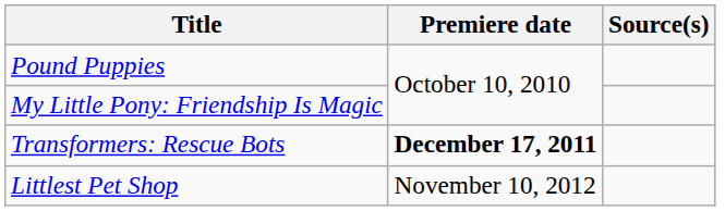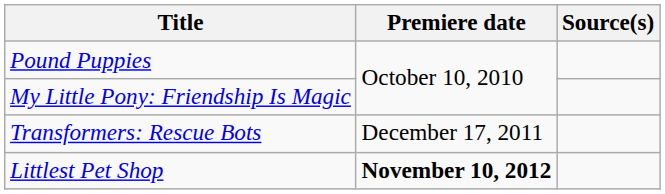 <table class="wikitable sortable">
 <tr>
 <th>Title</th>
 <th>Premiere date</th>
 <th>Source(s)</th>
 </tr>
 <tr>
 <td><em><a href='#'>Pound Puppies</a></em></td>
 <td rowspan=2>October 10, 2010</td>
 <td></td>
 </tr>
 <tr>
 <td><em><a href='#'>My Little Pony: Friendship Is Magic</a></em></td>
 <td></td>
 </tr>
 <tr>
 <td><em><a href='#'>Transformers: Rescue Bots</a></em></td>
-<td><strong>December 17, 2011</strong></td>
+<td>December 17, 2011</td>
 <td></td>
 </tr>
 <tr>
 <td><em><a href='#'>Littlest Pet Shop</a></em></td>
-<td>November 10, 2012</td>
+<td><strong>November 10, 2012</strong></td>
 <td></td>
 </tr>
 </table>
